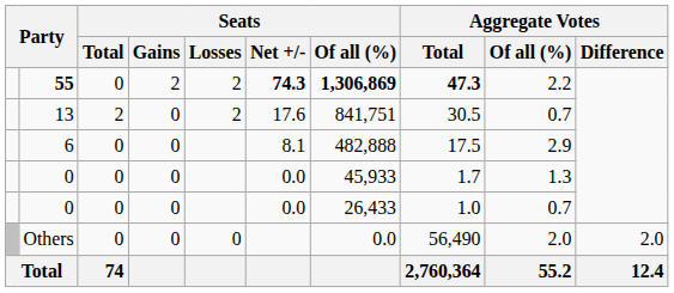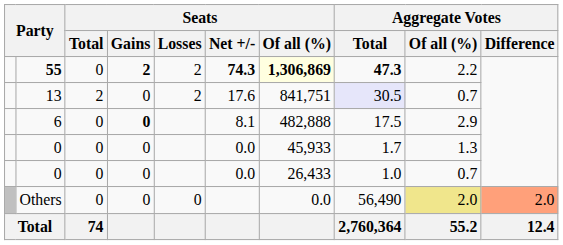 <table class="wikitable sortable" style="text-align:right; font-size:95%;">
 <tr>
 <th colspan="2" rowspan="2">Party</th>
 <th colspan="5">Seats</th>
 <th colspan="3">Aggregate Votes</th>
 </tr>
 <tr>
 <th>Total</th>
 <th>Gains</th>
 <th>Losses</th>
 <th>Net +/-</th>
 <th>Of all (%)</th>
 <th>Total</th>
 <th>Of all (%)</th>
 <th>Difference</th>
 </tr>
 <tr>
 <td></td>
 <td><strong>55</strong></td>
 <td>0</td>
-<td>2</td>
+<td><strong>2</strong></td>
 <td>2</td>
 <td><strong>74.3</strong></td>
-<td><strong>1,306,869</strong></td>
+<td style="background: lightyellow;"><strong>1,306,869</strong></td>
 <td><strong>47.3</strong></td>
 <td>2.2</td>
 </tr>
 <tr>
 <td></td>
 <td>13</td>
 <td>2</td>
 <td>0</td>
 <td>2</td>
 <td>17.6</td>
 <td>841,751</td>
-<td>30.5</td>
+<td style="background: lavender;">30.5</td>
 <td>0.7</td>
 </tr>
 <tr>
 <td></td>
 <td>6</td>
 <td>0</td>
-<td>0</td>
+<td><strong>0</strong></td>
 <td></td>
 <td>8.1</td>
 <td>482,888</td>
 <td>17.5</td>
 <td>2.9</td>
 </tr>
 <tr>
 <td></td>
 <td>0</td>
 <td>0</td>
 <td>0</td>
 <td></td>
 <td>0.0</td>
 <td>45,933</td>
 <td>1.7</td>
 <td>1.3</td>
 </tr>
 <tr>
 <td></td>
 <td>0</td>
 <td>0</td>
 <td>0</td>
 <td></td>
 <td>0.0</td>
 <td>26,433</td>
 <td>1.0</td>
 <td>0.7</td>
 </tr>
 <tr>
 <td style="background:silver;"> </td>
 <td align=left>Others</td>
 <td>0</td>
 <td>0</td>
 <td>0</td>
 <td></td>
 <td>0.0</td>
 <td>56,490</td>
-<td>2.0</td>
-<td>2.0</td>
+<td style="background: khaki;">2.0</td>
+<td style="background: lightsalmon;">2.0</td>
 </tr>
 <tr class="sortbottom">
 <th colspan="2" style="background:#f2f2f2"><strong>Total</strong></th>
 <td style="background:#f2f2f2;"><strong>74</strong></td>
 <td style="background:#f2f2f2;"></td>
 <td style="background:#f2f2f2;"></td>
 <td style="background:#f2f2f2;"></td>
 <td style="background:#f2f2f2;"></td>
 <td style="background:#f2f2f2;"><strong>2,760,364</strong></td>
 <td style="background:#f2f2f2;"><strong>55.2</strong></td>
 <td style="background:#f2f2f2;"><strong>12.4</strong></td>
 </tr>
 </table>
